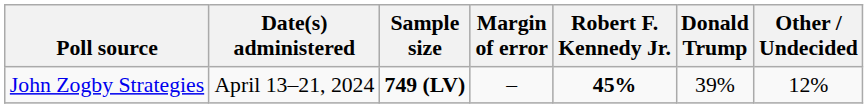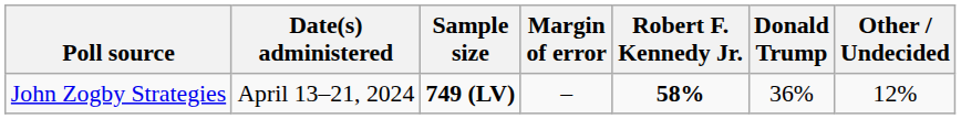 <table class="wikitable sortable mw-datatable" style="font-size:90%;text-align:center;line-height:17px">
 <tr valign=bottom>
 <th>Poll source</th>
 <th>Date(s)<br>administered</th>
 <th>Sample<br>size</th>
 <th>Margin<br>of error</th>
 <th class="unsortable">Robert F.<br>Kennedy Jr.<br></th>
 <th class="unsortable">Donald<br>Trump<br></th>
 <th class="unsortable">Other /<br>Undecided</th>
 </tr>
 <tr>
 <td style="text-align:left;"><a href='#'>John Zogby Strategies</a></td>
 <td data-sort-value="2024-05-01">April 13–21, 2024</td>
 <td><strong>749 (LV)</strong></td>
 <td>–</td>
-<td style="background-color:"><strong>45%</strong></td>
-<td>39%</td>
+<td style="background-color:"><strong>58%</strong></td>
+<td>36%</td>
 <td>12%</td>
 </tr>
 </table>
